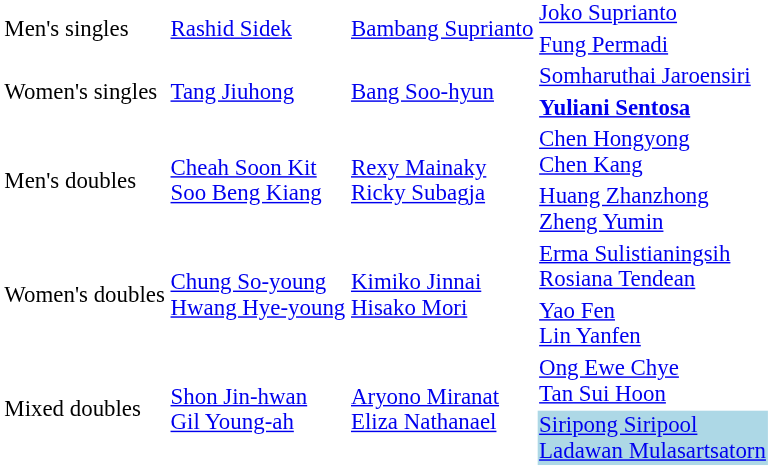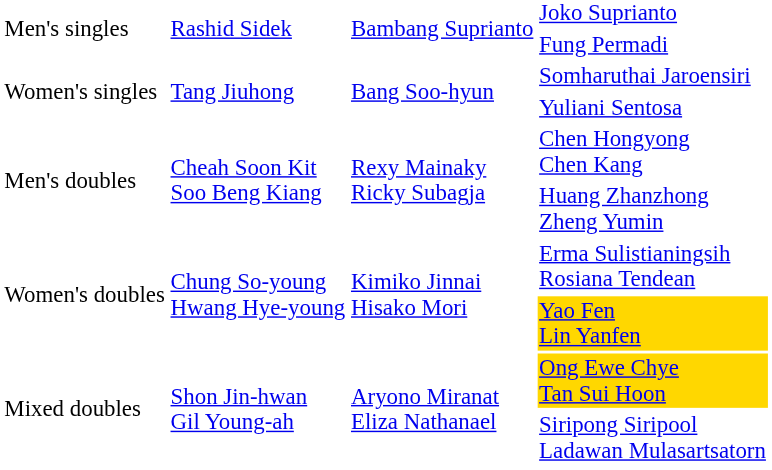 <table>
 <tr>
 <td rowspan=2>Men's singles</td>
 <td rowspan=2> <a href='#'>Rashid Sidek</a></td>
 <td rowspan=2> <a href='#'>Bambang Suprianto</a></td>
 <td> <a href='#'>Joko Suprianto</a></td>
 </tr>
 <tr>
 <td> <a href='#'>Fung Permadi</a></td>
 </tr>
 <tr>
 <td rowspan=2>Women's singles</td>
 <td rowspan=2> <a href='#'>Tang Jiuhong</a></td>
 <td rowspan=2> <a href='#'>Bang Soo-hyun</a></td>
 <td> <a href='#'>Somharuthai Jaroensiri</a></td>
 </tr>
 <tr>
-<td><strong> <a href='#'>Yuliani Sentosa</a></strong></td>
+<td> <a href='#'>Yuliani Sentosa</a></td>
 </tr>
 <tr>
 <td rowspan=2>Men's doubles</td>
 <td rowspan=2> <a href='#'>Cheah Soon Kit</a><br> <a href='#'>Soo Beng Kiang</a></td>
 <td rowspan=2> <a href='#'>Rexy Mainaky</a> <br>  <a href='#'>Ricky Subagja</a></td>
 <td> <a href='#'>Chen Hongyong</a><br> <a href='#'>Chen Kang</a></td>
 </tr>
 <tr>
 <td> <a href='#'>Huang Zhanzhong</a><br> <a href='#'>Zheng Yumin</a></td>
 </tr>
 <tr>
 <td rowspan=2>Women's doubles</td>
 <td rowspan=2> <a href='#'>Chung So-young</a><br> <a href='#'>Hwang Hye-young</a></td>
 <td rowspan=2> <a href='#'>Kimiko Jinnai</a><br> <a href='#'>Hisako Mori</a></td>
 <td> <a href='#'>Erma Sulistianingsih</a><br> <a href='#'>Rosiana Tendean</a></td>
 </tr>
 <tr>
-<td> <a href='#'>Yao Fen</a><br> <a href='#'>Lin Yanfen</a></td>
+<td style="background: gold;"> <a href='#'>Yao Fen</a><br> <a href='#'>Lin Yanfen</a></td>
 </tr>
 <tr>
 <td rowspan=2>Mixed doubles</td>
 <td rowspan=2> <a href='#'>Shon Jin-hwan</a><br> <a href='#'>Gil Young-ah</a></td>
 <td rowspan=2> <a href='#'>Aryono Miranat</a><br> <a href='#'>Eliza Nathanael</a></td>
-<td> <a href='#'>Ong Ewe Chye</a><br> <a href='#'>Tan Sui Hoon</a></td>
+<td style="background: gold;"> <a href='#'>Ong Ewe Chye</a><br> <a href='#'>Tan Sui Hoon</a></td>
 </tr>
 <tr>
-<td style="background: lightblue;"> <a href='#'>Siripong Siripool</a><br> <a href='#'>Ladawan Mulasartsatorn</a></td>
+<td> <a href='#'>Siripong Siripool</a><br> <a href='#'>Ladawan Mulasartsatorn</a></td>
 </tr>
 </table>
